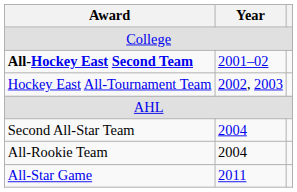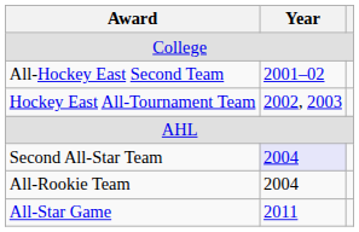 <table class="wikitable">
 <tr>
 <th>Award</th>
 <th>Year</th>
 <th></th>
 </tr>
 <tr ALIGN="center" bgcolor="#e0e0e0">
 <td colspan="3"><a href='#'>College</a></td>
 </tr>
 <tr>
-<td><strong>All-<a href='#'>Hockey East</a> <a href='#'>Second Team</a></strong></td>
+<td>All-<a href='#'>Hockey East</a> <a href='#'>Second Team</a></td>
 <td><a href='#'>2001–02</a></td>
 <td></td>
 </tr>
 <tr>
 <td><a href='#'>Hockey East</a> <a href='#'>All-Tournament Team</a></td>
 <td><a href='#'>2002</a>, <a href='#'>2003</a></td>
 <td></td>
 </tr>
 <tr ALIGN="center" bgcolor="#e0e0e0">
 <td colspan="3"><a href='#'>AHL</a></td>
 </tr>
 <tr>
 <td>Second All-Star Team</td>
-<td><a href='#'>2004</a></td>
+<td style="background: lavender;"><a href='#'>2004</a></td>
 <td></td>
 </tr>
 <tr>
 <td>All-Rookie Team</td>
 <td>2004</td>
 <td></td>
 </tr>
 <tr>
 <td><a href='#'>All-Star Game</a></td>
 <td><a href='#'>2011</a></td>
 <td></td>
 </tr>
 </table>
